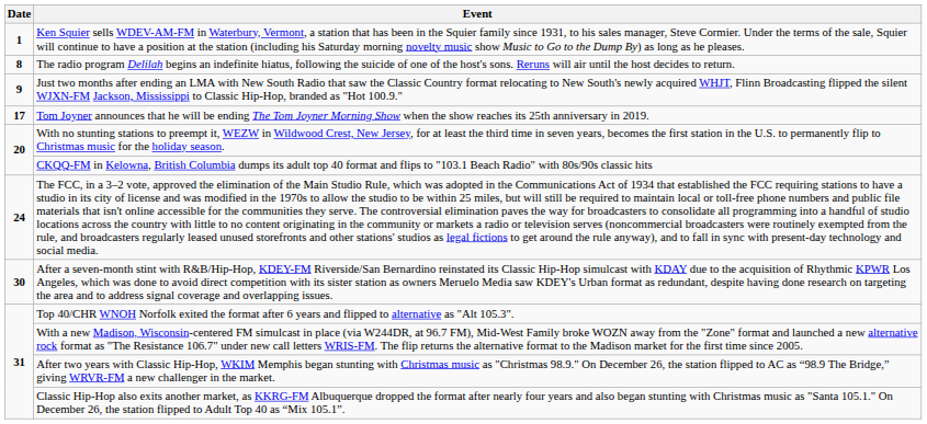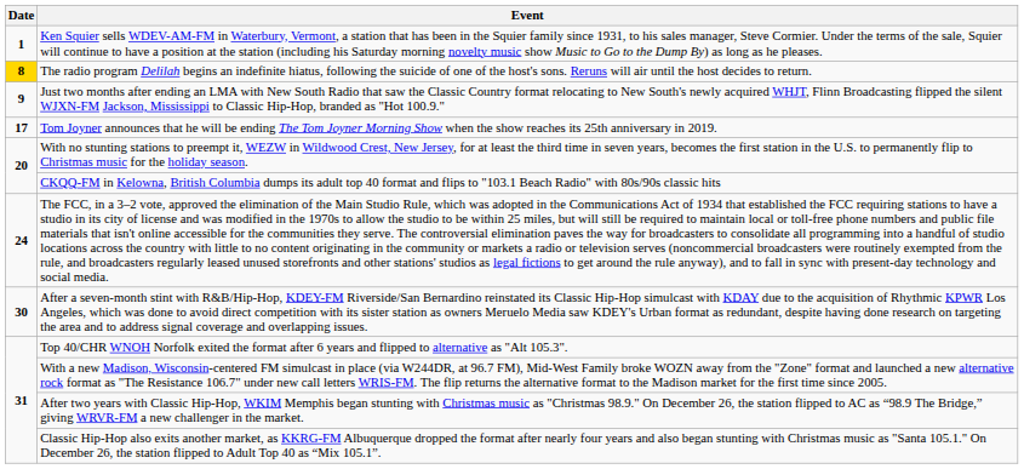 <table class="wikitable">
 <tr>
 <th>Date</th>
 <th>Event</th>
 </tr>
 <tr>
 <td style="text-align:center;"><strong>1</strong></td>
 <td><a href='#'>Ken Squier</a> sells <a href='#'>WDEV-AM-FM</a> in <a href='#'>Waterbury, Vermont</a>, a station that has been in the Squier family since 1931, to his sales manager, Steve Cormier. Under the terms of the sale, Squier will continue to have a position at the station (including his Saturday morning <a href='#'>novelty music</a> show <em>Music to Go to the Dump By</em>) as long as he pleases.</td>
 </tr>
 <tr>
-<td style="text-align:center;"><strong>8</strong></td>
+<td style="background: gold; text-align:center;"><strong>8</strong></td>
 <td>The radio program <em><a href='#'>Delilah</a></em> begins an indefinite hiatus, following the suicide of one of the host's sons. <a href='#'>Reruns</a> will air until the host decides to return.</td>
 </tr>
 <tr>
 <td style="text-align:center;"><strong>9</strong></td>
 <td>Just two months after ending an LMA with New South Radio that saw the Classic Country format relocating to New South's newly acquired <a href='#'>WHJT</a>, Flinn Broadcasting flipped the silent <a href='#'>WJXN-FM</a> <a href='#'>Jackson, Mississippi</a> to Classic Hip-Hop, branded as "Hot 100.9."</td>
 </tr>
 <tr>
 <td style="text-align:center;"><strong>17</strong></td>
 <td><a href='#'>Tom Joyner</a> announces that he will be ending <em><a href='#'>The Tom Joyner Morning Show</a></em> when the show reaches its 25th anniversary in 2019.</td>
 </tr>
 <tr>
 <td style="text-align:center;" rowspan=2><strong>20</strong></td>
 <td>With no stunting stations to preempt it, <a href='#'>WEZW</a> in <a href='#'>Wildwood Crest, New Jersey</a>, for at least the third time in seven years, becomes the first station in the U.S. to permanently flip to <a href='#'>Christmas music</a> for the <a href='#'>holiday season</a>.</td>
 </tr>
 <tr>
 <td><a href='#'>CKQQ-FM</a> in <a href='#'>Kelowna</a>, <a href='#'>British Columbia</a> dumps its adult top 40 format and flips to "103.1 Beach Radio" with 80s/90s classic hits</td>
 </tr>
 <tr>
 <td style="text-align:center;"><strong>24</strong></td>
 <td>The FCC, in a 3–2 vote, approved the elimination of the Main Studio Rule, which was adopted in the Communications Act of 1934 that established the FCC requiring stations to have a studio in its city of license and was modified in the 1970s to allow the studio to be within 25 miles, but will still be required to maintain local or toll-free phone numbers and public file materials that isn't online accessible for the communities they serve. The controversial elimination paves the way for broadcasters to consolidate all programming into a handful of studio locations across the country with little to no content originating in the community or markets a radio or television serves (noncommercial broadcasters were routinely exempted from the rule, and broadcasters regularly leased unused storefronts and other stations' studios as <a href='#'>legal fictions</a> to get around the rule anyway), and to fall in sync with present-day technology and social media.</td>
 </tr>
 <tr>
 <td style="text-align:center;"><strong>30</strong></td>
 <td>After a seven-month stint with R&B/Hip-Hop, <a href='#'>KDEY-FM</a> Riverside/San Bernardino reinstated its Classic Hip-Hop simulcast with <a href='#'>KDAY</a> due to the acquisition of Rhythmic <a href='#'>KPWR</a> Los Angeles, which was done to avoid direct competition with its sister station as owners Meruelo Media saw KDEY's Urban format as redundant, despite having done research on targeting the area and to address signal coverage and overlapping issues.</td>
 </tr>
 <tr>
 <td style="text-align:center;" rowspan=4><strong>31</strong></td>
 <td>Top 40/CHR <a href='#'>WNOH</a> Norfolk exited the format after 6 years and flipped to <a href='#'>alternative</a> as "Alt 105.3".</td>
 </tr>
 <tr>
 <td>With a new <a href='#'>Madison, Wisconsin</a>-centered FM simulcast in place (via W244DR, at 96.7 FM), Mid-West Family broke WOZN away from the "Zone" format and launched a new <a href='#'>alternative rock</a> format as "The Resistance 106.7" under new call letters <a href='#'>WRIS-FM</a>. The flip returns the alternative format to the Madison market for the first time since 2005.</td>
 </tr>
 <tr>
 <td>After two years with Classic Hip-Hop, <a href='#'>WKIM</a> Memphis began stunting with <a href='#'>Christmas music</a> as "Christmas 98.9." On December 26, the station flipped to AC as “98.9 The Bridge,” giving <a href='#'>WRVR-FM</a> a new challenger in the market.</td>
 </tr>
 <tr>
 <td>Classic Hip-Hop also exits another market, as <a href='#'>KKRG-FM</a> Albuquerque dropped the format after nearly four years and also began stunting with Christmas music as "Santa 105.1." On December 26, the station flipped to Adult Top 40 as “Mix 105.1”.</td>
 </tr>
 </table>
